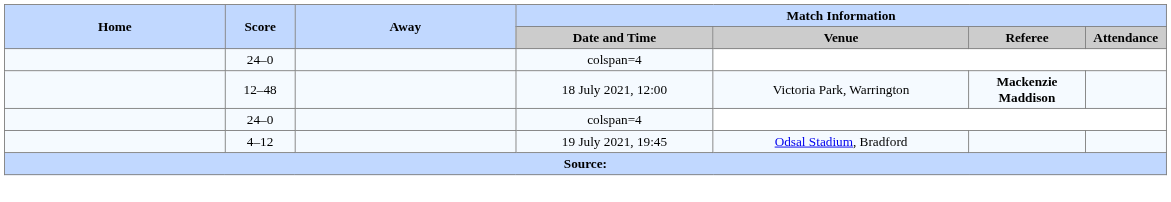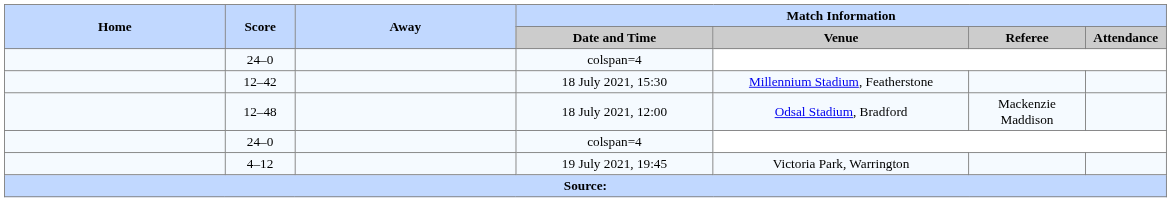 <table border=1 style="border-collapse:collapse; font-size:90%; text-align:center;" cellpadding=3 cellspacing=0 width=100%>
 <tr style="background:#C1D8ff;">
 <th scope="col" rowspan=2 width=19%>Home</th>
 <th scope="col" rowspan=2 width=6%>Score</th>
 <th scope="col" rowspan=2 width=19%>Away</th>
 <th colspan=4>Match Information</th>
 </tr>
 <tr style="background:#CCCCCC;">
 <th scope="col" width=17%>Date and Time</th>
 <th scope="col" width=22%>Venue</th>
 <th scope="col" width=10%>Referee</th>
 <th scope="col" width=7%>Attendance</th>
 </tr>
 <tr style="background:#F5FAFF;">
 <td></td>
 <td>24–0</td>
 <td></td>
 <td>colspan=4 </td>
 </tr>
 <tr style="background:#F5FAFF;">
 <td></td>
+<td>12–42</td>
+<td></td>
+<td>18 July 2021, 15:30</td>
+<td><a href='#'>Millennium Stadium</a>, Featherstone</td>
+<td></td>
+<td></td>
+</tr>
+<tr style="background:#F5FAFF;">
+<td></td>
 <td>12–48</td>
 <td></td>
 <td>18 July 2021, 12:00</td>
-<td>Victoria Park, Warrington</td>
-<td><strong>Mackenzie Maddison</strong></td>
+<td><a href='#'>Odsal Stadium</a>, Bradford</td>
+<td>Mackenzie Maddison</td>
 <td></td>
 </tr>
 <tr style="background:#F5FAFF;">
 <td></td>
 <td>24–0</td>
 <td></td>
 <td>colspan=4 </td>
 </tr>
 <tr style="background:#F5FAFF;">
 <td></td>
 <td>4–12</td>
 <td></td>
 <td>19 July 2021, 19:45</td>
-<td><a href='#'>Odsal Stadium</a>, Bradford</td>
+<td>Victoria Park, Warrington</td>
 <td></td>
 <td></td>
 </tr>
 <tr style="background:#c1d8ff;">
 <th colspan=7>Source:</th>
 </tr>
 </table>
